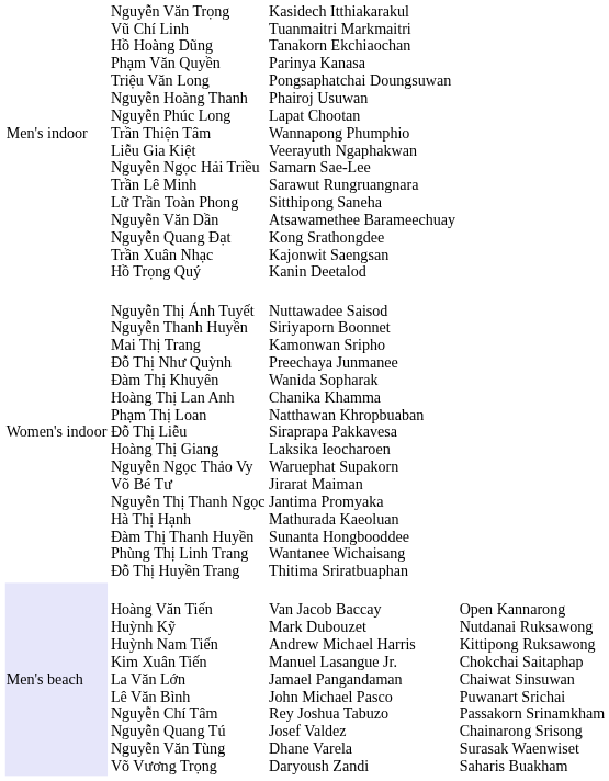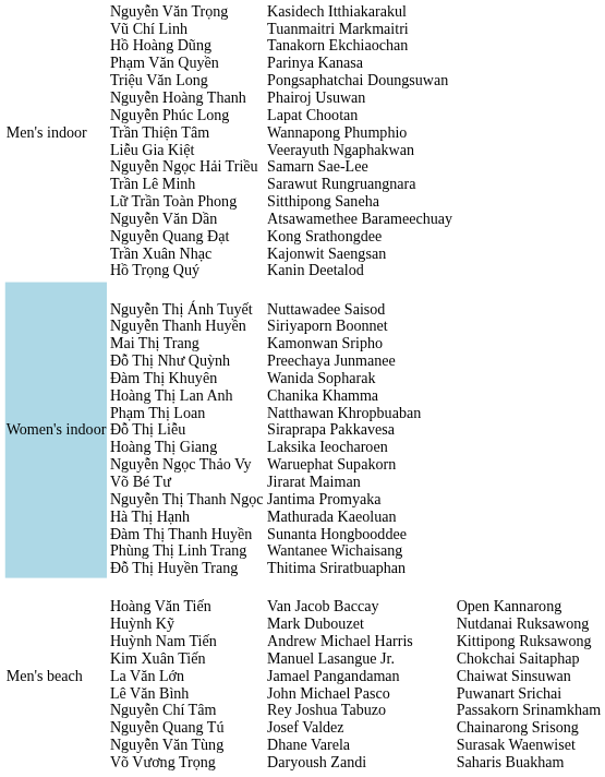 <table>
 <tr>
 <td>Men's indoor<br></td>
 <td><br>Nguyễn Văn Trọng<br>Vũ Chí Linh<br>Hồ Hoàng Dũng<br>Phạm Văn Quyền<br>Triệu Văn Long<br>Nguyễn Hoàng Thanh<br>Nguyễn Phúc Long<br>Trần Thiện Tâm<br>Liễu Gia Kiệt<br>Nguyễn Ngọc Hải Triều<br>Trần Lê Minh<br>Lữ Trần Toàn Phong<br>Nguyễn Văn Dần<br>Nguyễn Quang Đạt<br>Trần Xuân Nhạc<br>Hồ Trọng Quý</td>
 <td><br>Kasidech Itthiakarakul<br>Tuanmaitri Markmaitri<br>Tanakorn Ekchiaochan<br>Parinya Kanasa<br>Pongsaphatchai Doungsuwan<br>Phairoj Usuwan<br>Lapat Chootan<br>Wannapong Phumphio<br>Veerayuth Ngaphakwan<br>Samarn Sae-Lee<br>Sarawut Rungruangnara<br>Sitthipong Saneha<br>Atsawamethee Barameechuay<br>Kong Srathongdee<br>Kajonwit Saengsan<br>Kanin Deetalod</td>
 <td></td>
 </tr>
 <tr>
-<td>Women's indoor<br></td>
+<td style="background: lightblue;">Women's indoor<br></td>
 <td><br>Nguyễn Thị Ánh Tuyết<br>Nguyễn Thanh Huyền<br>Mai Thị Trang<br>Đỗ Thị Như Quỳnh<br>Đàm Thị Khuyên<br>Hoàng Thị Lan Anh<br>Phạm Thị Loan<br>Đỗ Thị Liễu<br>Hoàng Thị Giang<br>Nguyễn Ngọc Thảo Vy<br>Võ Bé Tư<br>Nguyễn Thị Thanh Ngọc<br>Hà Thị Hạnh<br>Đàm Thị Thanh Huyền<br>Phùng Thị Linh Trang<br>Đỗ Thị Huyền Trang</td>
 <td><br>Nuttawadee Saisod<br>Siriyaporn Boonnet<br>Kamonwan Sripho<br>Preechaya Junmanee<br>Wanida Sopharak<br>Chanika Khamma<br>Natthawan Khropbuaban<br>Siraprapa Pakkavesa<br>Laksika Ieocharoen<br>Waruephat Supakorn<br>Jirarat Maiman<br>Jantima Promyaka<br>Mathurada Kaeoluan<br>Sunanta Hongbooddee<br>Wantanee Wichaisang<br>Thitima Sriratbuaphan</td>
 <td></td>
 </tr>
 <tr>
-<td style="background: lavender;">Men's beach<br></td>
+<td>Men's beach<br></td>
 <td><br>Hoàng Văn Tiến<br>Huỳnh Kỹ<br>Huỳnh Nam Tiến<br>Kim Xuân Tiến<br>La Văn Lớn<br>Lê Văn Bình<br>Nguyễn Chí Tâm<br>Nguyễn Quang Tú<br>Nguyễn Văn Tùng<br>Võ Vương Trọng</td>
 <td><br>Van Jacob Baccay<br>Mark Dubouzet<br>Andrew Michael Harris<br>Manuel Lasangue Jr.<br>Jamael Pangandaman<br>John Michael Pasco<br>Rey Joshua Tabuzo<br>Josef Valdez<br>Dhane Varela<br>Daryoush Zandi</td>
 <td><br>Open Kannarong<br>Nutdanai Ruksawong<br>Kittipong Ruksawong<br>Chokchai Saitaphap<br>Chaiwat Sinsuwan<br>Puwanart Srichai<br>Passakorn Srinamkham<br>Chainarong Srisong<br>Surasak Waenwiset<br>Saharis Buakham</td>
 </tr>
 <tr>
 </tr>
 </table>
